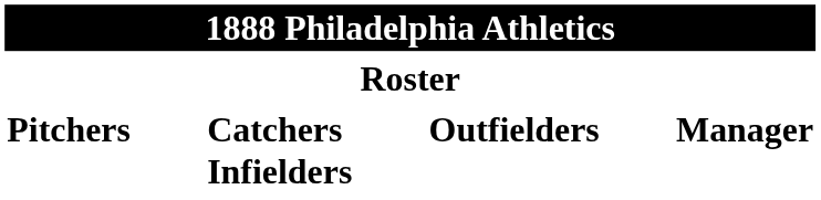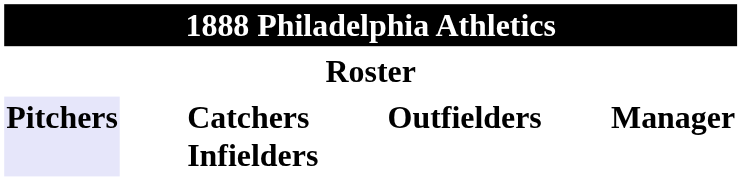 <table class="toccolours" style="font-size: 95%;">
 <tr>
 <th colspan="10" style="background-color: black; color: white; text-align: center;">1888 Philadelphia Athletics</th>
 </tr>
 <tr>
 <td colspan="10" style="background-color: white; color: black; text-align: center;"><strong>Roster</strong></td>
 </tr>
 <tr>
-<td valign="top"><strong>Pitchers</strong><br>     </td>
+<td valign="top" style="background: lavender;"><strong>Pitchers</strong><br>     </td>
 <td width="25px"></td>
 <td valign="top"><strong>Catchers</strong><br>      <strong>Infielders</strong>     </td>
 <td width="25px"></td>
 <td valign="top"><strong>Outfielders</strong><br>    </td>
 <td width="25px"></td>
 <td valign="top"><strong>Manager</strong><br></td>
 </tr>
 </table>
